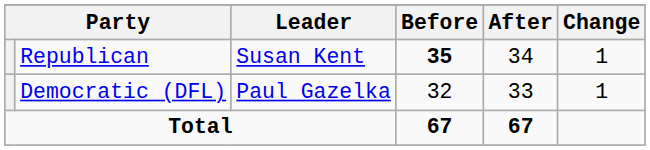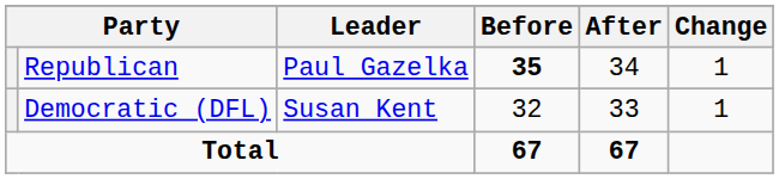 <table class="wikitable" style="text-align:center;">
 <tr>
 </tr>
 <tr>
 <th colspan=2>Party</th>
 <th>Leader</th>
 <th>Before</th>
 <th>After</th>
 <th>Change</th>
 </tr>
 <tr>
 <th style="background-color:"></th>
 <td style="text-align:left;"><a href='#'>Republican</a></td>
-<td style="text-align:left;"><a href='#'>Susan Kent</a></td>
+<td style="text-align:left;"><a href='#'>Paul Gazelka</a></td>
 <td><strong>35</strong></td>
 <td>34</td>
 <td> 1</td>
 </tr>
 <tr>
 <th style="background-color:"></th>
 <td style="text-align:left;"><a href='#'>Democratic (DFL)</a></td>
-<td style="text-align:left;"><a href='#'>Paul Gazelka</a></td>
+<td style="text-align:left;"><a href='#'>Susan Kent</a></td>
 <td>32</td>
 <td>33</td>
 <td> 1</td>
 </tr>
 <tr>
 <td colspan=3><strong>Total</strong></td>
 <td><strong>67</strong></td>
 <td><strong>67</strong></td>
 <td></td>
 </tr>
 </table>
